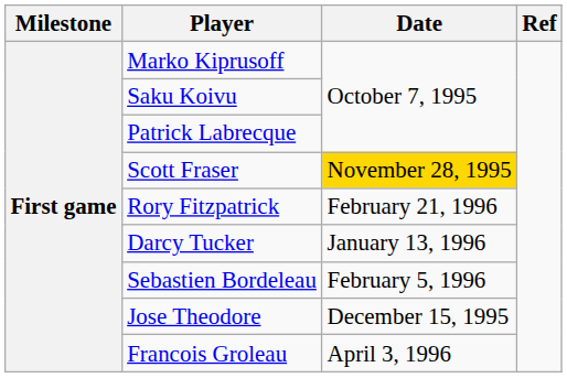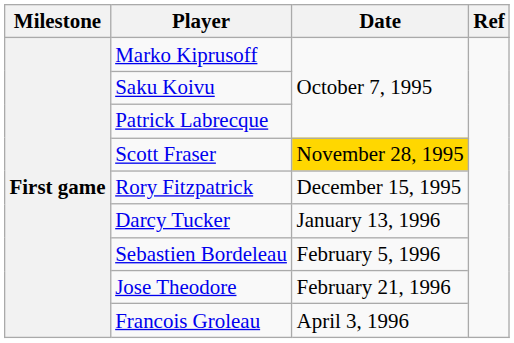 <table class="wikitable">
 <tr>
 <th scope="col">Milestone</th>
 <th scope="col">Player</th>
 <th scope="col">Date</th>
 <th scope="col">Ref</th>
 </tr>
 <tr>
 <th rowspan=9>First game</th>
 <td><a href='#'>Marko Kiprusoff</a></td>
 <td rowspan=3>October 7, 1995</td>
 <td rowspan=9></td>
 </tr>
 <tr>
 <td><a href='#'>Saku Koivu</a></td>
 </tr>
 <tr>
 <td><a href='#'>Patrick Labrecque</a></td>
 </tr>
 <tr>
 <td><a href='#'>Scott Fraser</a></td>
 <td style="background: gold;">November 28, 1995</td>
 </tr>
 <tr>
 <td><a href='#'>Rory Fitzpatrick</a></td>
-<td>February 21, 1996</td>
+<td>December 15, 1995</td>
 </tr>
 <tr>
 <td><a href='#'>Darcy Tucker</a></td>
 <td>January 13, 1996</td>
 </tr>
 <tr>
 <td><a href='#'>Sebastien Bordeleau</a></td>
 <td>February 5, 1996</td>
 </tr>
 <tr>
 <td><a href='#'>Jose Theodore</a></td>
-<td>December 15, 1995</td>
+<td>February 21, 1996</td>
 </tr>
 <tr>
 <td><a href='#'>Francois Groleau</a></td>
 <td>April 3, 1996</td>
 </tr>
 </table>
